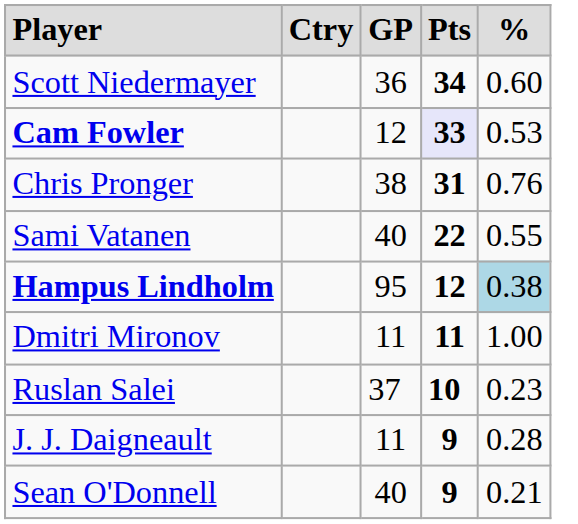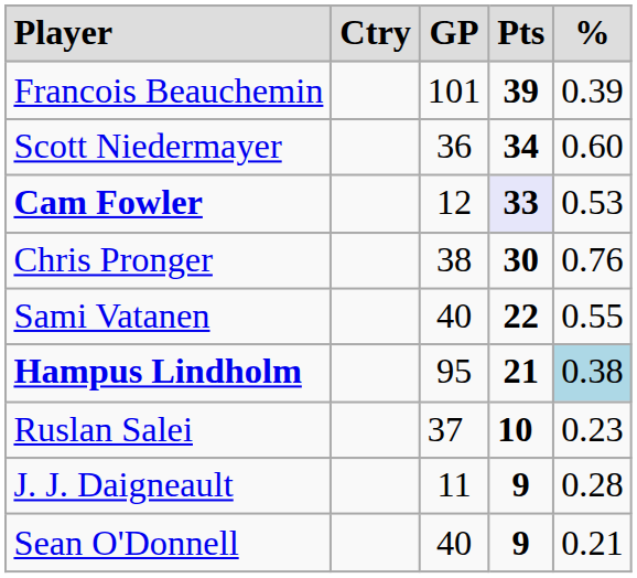 <table class="wikitable">
 <tr align="center" style="font-weight:bold; background-color:#dddddd;" |>
 <td align="left">Player</td>
 <td>Ctry</td>
 <td>GP</td>
 <td>Pts</td>
 <td>%</td>
+</tr>
+<tr align="center">
+<td align="left"><a href='#'>Francois Beauchemin</a></td>
+<td></td>
+<td>101</td>
+<td><strong>39</strong></td>
+<td>0.39</td>
 </tr>
 <tr align="center">
 <td align="left"><a href='#'>Scott Niedermayer</a></td>
 <td></td>
 <td>36</td>
 <td><strong>34</strong></td>
 <td>0.60</td>
 </tr>
 <tr align="center">
 <td align="left"><strong><a href='#'>Cam Fowler</a></strong></td>
 <td></td>
 <td>12</td>
 <td style="background: lavender;"><strong>33</strong></td>
 <td>0.53</td>
 </tr>
 <tr align="center">
 <td align="left"><a href='#'>Chris Pronger</a></td>
 <td></td>
 <td>38</td>
-<td><strong>31</strong></td>
+<td><strong>30</strong></td>
 <td>0.76</td>
 </tr>
 <tr align="center">
 <td align="left"><a href='#'>Sami Vatanen</a></td>
 <td></td>
 <td>40</td>
 <td><strong>22</strong></td>
 <td>0.55</td>
 </tr>
 <tr align="center">
 <td align="left"><strong><a href='#'>Hampus Lindholm</a></strong></td>
 <td></td>
 <td>95</td>
-<td><strong>12</strong></td>
+<td><strong>21</strong></td>
 <td style="background: lightblue;">0.38</td>
-</tr>
-<tr align="center">
-<td align="left"><a href='#'>Dmitri Mironov</a></td>
-<td></td>
-<td>11</td>
-<td><strong>11</strong></td>
-<td>1.00</td>
 </tr>
 <tr align="cent">
 <td align="left"><a href='#'>Ruslan Salei</a></td>
 <td></td>
 <td>37</td>
 <td><strong>10</strong></td>
 <td>0.23</td>
 </tr>
 <tr align="center">
 <td align="left"><a href='#'>J. J. Daigneault</a></td>
 <td></td>
 <td>11</td>
 <td><strong>9</strong></td>
 <td>0.28</td>
 </tr>
 <tr align="center">
 <td align="left"><a href='#'>Sean O'Donnell</a></td>
 <td></td>
 <td>40</td>
 <td><strong>9</strong></td>
 <td>0.21</td>
 </tr>
 </table>
